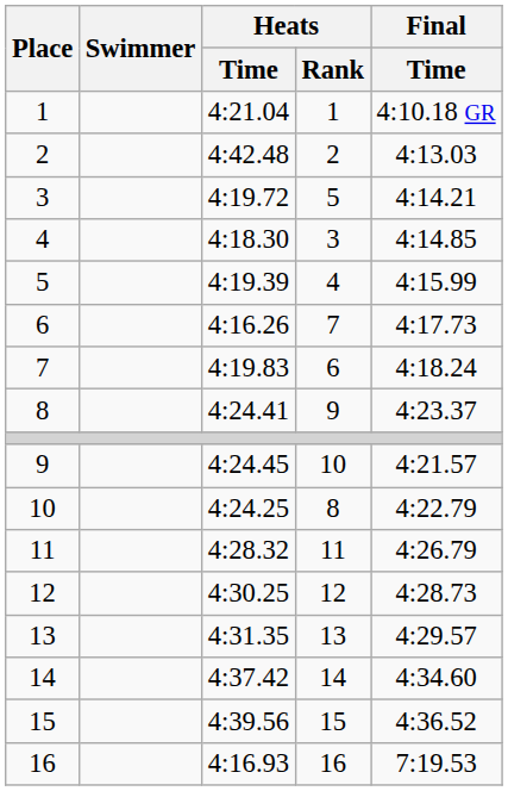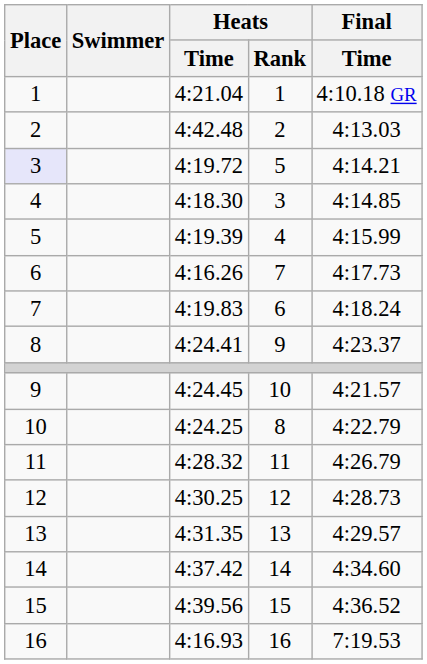 <table class="wikitable" style="text-align:center;">
 <tr>
 <th rowspan="2">Place</th>
 <th rowspan="2">Swimmer</th>
 <th colspan="2">Heats</th>
 <th>Final</th>
 </tr>
 <tr>
 <th>Time</th>
 <th>Rank</th>
 <th>Time</th>
 </tr>
 <tr>
 <td>1</td>
 <td align="left"></td>
 <td>4:21.04</td>
 <td>1</td>
 <td>4:10.18 <small><a href='#'>GR</a></small></td>
 </tr>
 <tr>
 <td>2</td>
 <td align=left></td>
 <td>4:42.48</td>
 <td>2</td>
 <td>4:13.03</td>
 </tr>
 <tr>
-<td>3</td>
+<td style="background: lavender;">3</td>
 <td align=left></td>
 <td>4:19.72</td>
 <td>5</td>
 <td>4:14.21</td>
 </tr>
 <tr>
 <td>4</td>
 <td align=left></td>
 <td>4:18.30</td>
 <td>3</td>
 <td>4:14.85</td>
 </tr>
 <tr>
 <td>5</td>
 <td align=left></td>
 <td>4:19.39</td>
 <td>4</td>
 <td>4:15.99</td>
 </tr>
 <tr>
 <td>6</td>
 <td align=left></td>
 <td>4:16.26</td>
 <td>7</td>
 <td>4:17.73</td>
 </tr>
 <tr>
 <td>7</td>
 <td align=left></td>
 <td>4:19.83</td>
 <td>6</td>
 <td>4:18.24</td>
 </tr>
 <tr>
 <td>8</td>
 <td align=left></td>
 <td>4:24.41</td>
 <td>9</td>
 <td>4:23.37</td>
 </tr>
 <tr>
 <td colspan=5 bgcolor=lightgray></td>
 </tr>
 <tr>
 <td>9</td>
 <td align=left></td>
 <td>4:24.45</td>
 <td>10</td>
 <td>4:21.57</td>
 </tr>
 <tr>
 <td>10</td>
 <td align=left> </td>
 <td>4:24.25</td>
 <td>8</td>
 <td>4:22.79</td>
 </tr>
 <tr>
 <td>11</td>
 <td align=left></td>
 <td>4:28.32</td>
 <td>11</td>
 <td>4:26.79</td>
 </tr>
 <tr>
 <td>12</td>
 <td align=left></td>
 <td>4:30.25</td>
 <td>12</td>
 <td>4:28.73</td>
 </tr>
 <tr>
 <td>13</td>
 <td align=left></td>
 <td>4:31.35</td>
 <td>13</td>
 <td>4:29.57</td>
 </tr>
 <tr>
 <td>14</td>
 <td align=left></td>
 <td>4:37.42</td>
 <td>14</td>
 <td>4:34.60</td>
 </tr>
 <tr>
 <td>15</td>
 <td align=left></td>
 <td>4:39.56</td>
 <td>15</td>
 <td>4:36.52</td>
 </tr>
 <tr>
 <td>16</td>
 <td align=left></td>
 <td>4:16.93</td>
 <td>16</td>
 <td>7:19.53</td>
 </tr>
 </table>
